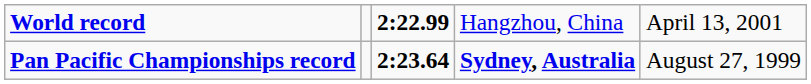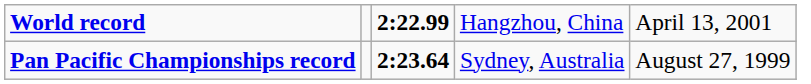 <table class="wikitable">
 <tr>
 <td><strong><a href='#'>World record</a></strong></td>
 <td></td>
 <td><strong>2:22.99</strong></td>
 <td><a href='#'>Hangzhou</a>, <a href='#'>China</a></td>
 <td>April 13, 2001</td>
 </tr>
 <tr>
 <td><strong><a href='#'>Pan Pacific Championships record</a></strong></td>
 <td></td>
 <td><strong>2:23.64</strong></td>
-<td><strong><a href='#'>Sydney</a>, <a href='#'>Australia</a></strong></td>
+<td><a href='#'>Sydney</a>, <a href='#'>Australia</a></td>
 <td>August 27, 1999</td>
 </tr>
 </table>
